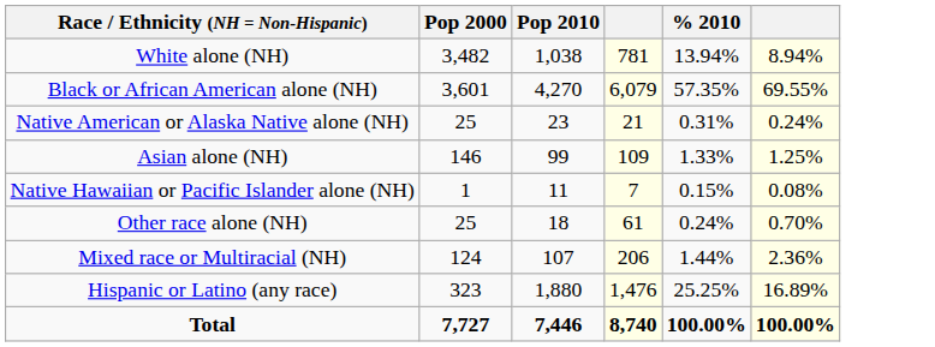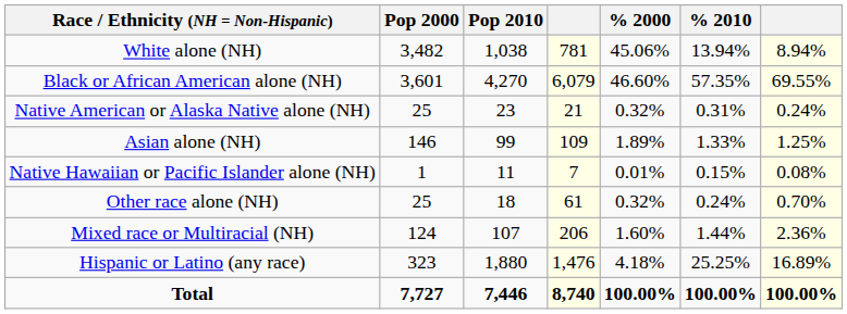 <table class="wikitable" style="text-align:center;">
 <tr>
 <th>Race / Ethnicity <small>(<em>NH = Non-Hispanic</em>)</small></th>
 <th>Pop 2000</th>
 <th>Pop 2010</th>
 <th></th>
+<th>% 2000</th>
 <th>% 2010</th>
 <th></th>
 </tr>
 <tr>
 <td><a href='#'>White</a> alone (NH)</td>
 <td>3,482</td>
 <td>1,038</td>
 <td style='background: #ffffe6;'>781</td>
+<td>45.06%</td>
 <td>13.94%</td>
 <td style='background: #ffffe6;'>8.94%</td>
 </tr>
 <tr>
 <td><a href='#'>Black or African American</a> alone (NH)</td>
 <td>3,601</td>
 <td>4,270</td>
 <td style='background: #ffffe6;'>6,079</td>
+<td>46.60%</td>
 <td>57.35%</td>
 <td style='background: #ffffe6;'>69.55%</td>
 </tr>
 <tr>
 <td><a href='#'>Native American</a> or <a href='#'>Alaska Native</a> alone (NH)</td>
 <td>25</td>
 <td>23</td>
 <td style='background: #ffffe6;'>21</td>
+<td>0.32%</td>
 <td>0.31%</td>
 <td style='background: #ffffe6;'>0.24%</td>
 </tr>
 <tr>
 <td><a href='#'>Asian</a> alone (NH)</td>
 <td>146</td>
 <td>99</td>
 <td style='background: #ffffe6;'>109</td>
+<td>1.89%</td>
 <td>1.33%</td>
 <td style='background: #ffffe6;'>1.25%</td>
 </tr>
 <tr>
 <td><a href='#'>Native Hawaiian</a> or <a href='#'>Pacific Islander</a> alone (NH)</td>
 <td>1</td>
 <td>11</td>
 <td style='background: #ffffe6;'>7</td>
+<td>0.01%</td>
 <td>0.15%</td>
 <td style='background: #ffffe6;'>0.08%</td>
 </tr>
 <tr>
 <td><a href='#'>Other race</a> alone (NH)</td>
 <td>25</td>
 <td>18</td>
 <td style='background: #ffffe6;'>61</td>
+<td>0.32%</td>
 <td>0.24%</td>
 <td style='background: #ffffe6;'>0.70%</td>
 </tr>
 <tr>
 <td><a href='#'>Mixed race or Multiracial</a> (NH)</td>
 <td>124</td>
 <td>107</td>
 <td style='background: #ffffe6;'>206</td>
+<td>1.60%</td>
 <td>1.44%</td>
 <td style='background: #ffffe6;'>2.36%</td>
 </tr>
 <tr>
 <td><a href='#'>Hispanic or Latino</a> (any race)</td>
 <td>323</td>
 <td>1,880</td>
 <td style='background: #ffffe6;'>1,476</td>
+<td>4.18%</td>
 <td>25.25%</td>
 <td style='background: #ffffe6;'>16.89%</td>
 </tr>
 <tr>
 <td><strong>Total</strong></td>
 <td><strong>7,727</strong></td>
 <td><strong>7,446</strong></td>
 <td style='background: #ffffe6;'><strong>8,740</strong></td>
 <td><strong>100.00%</strong></td>
+<td><strong>100.00%</strong></td>
 <td style='background: #ffffe6;'><strong>100.00%</strong></td>
 </tr>
 </table>
